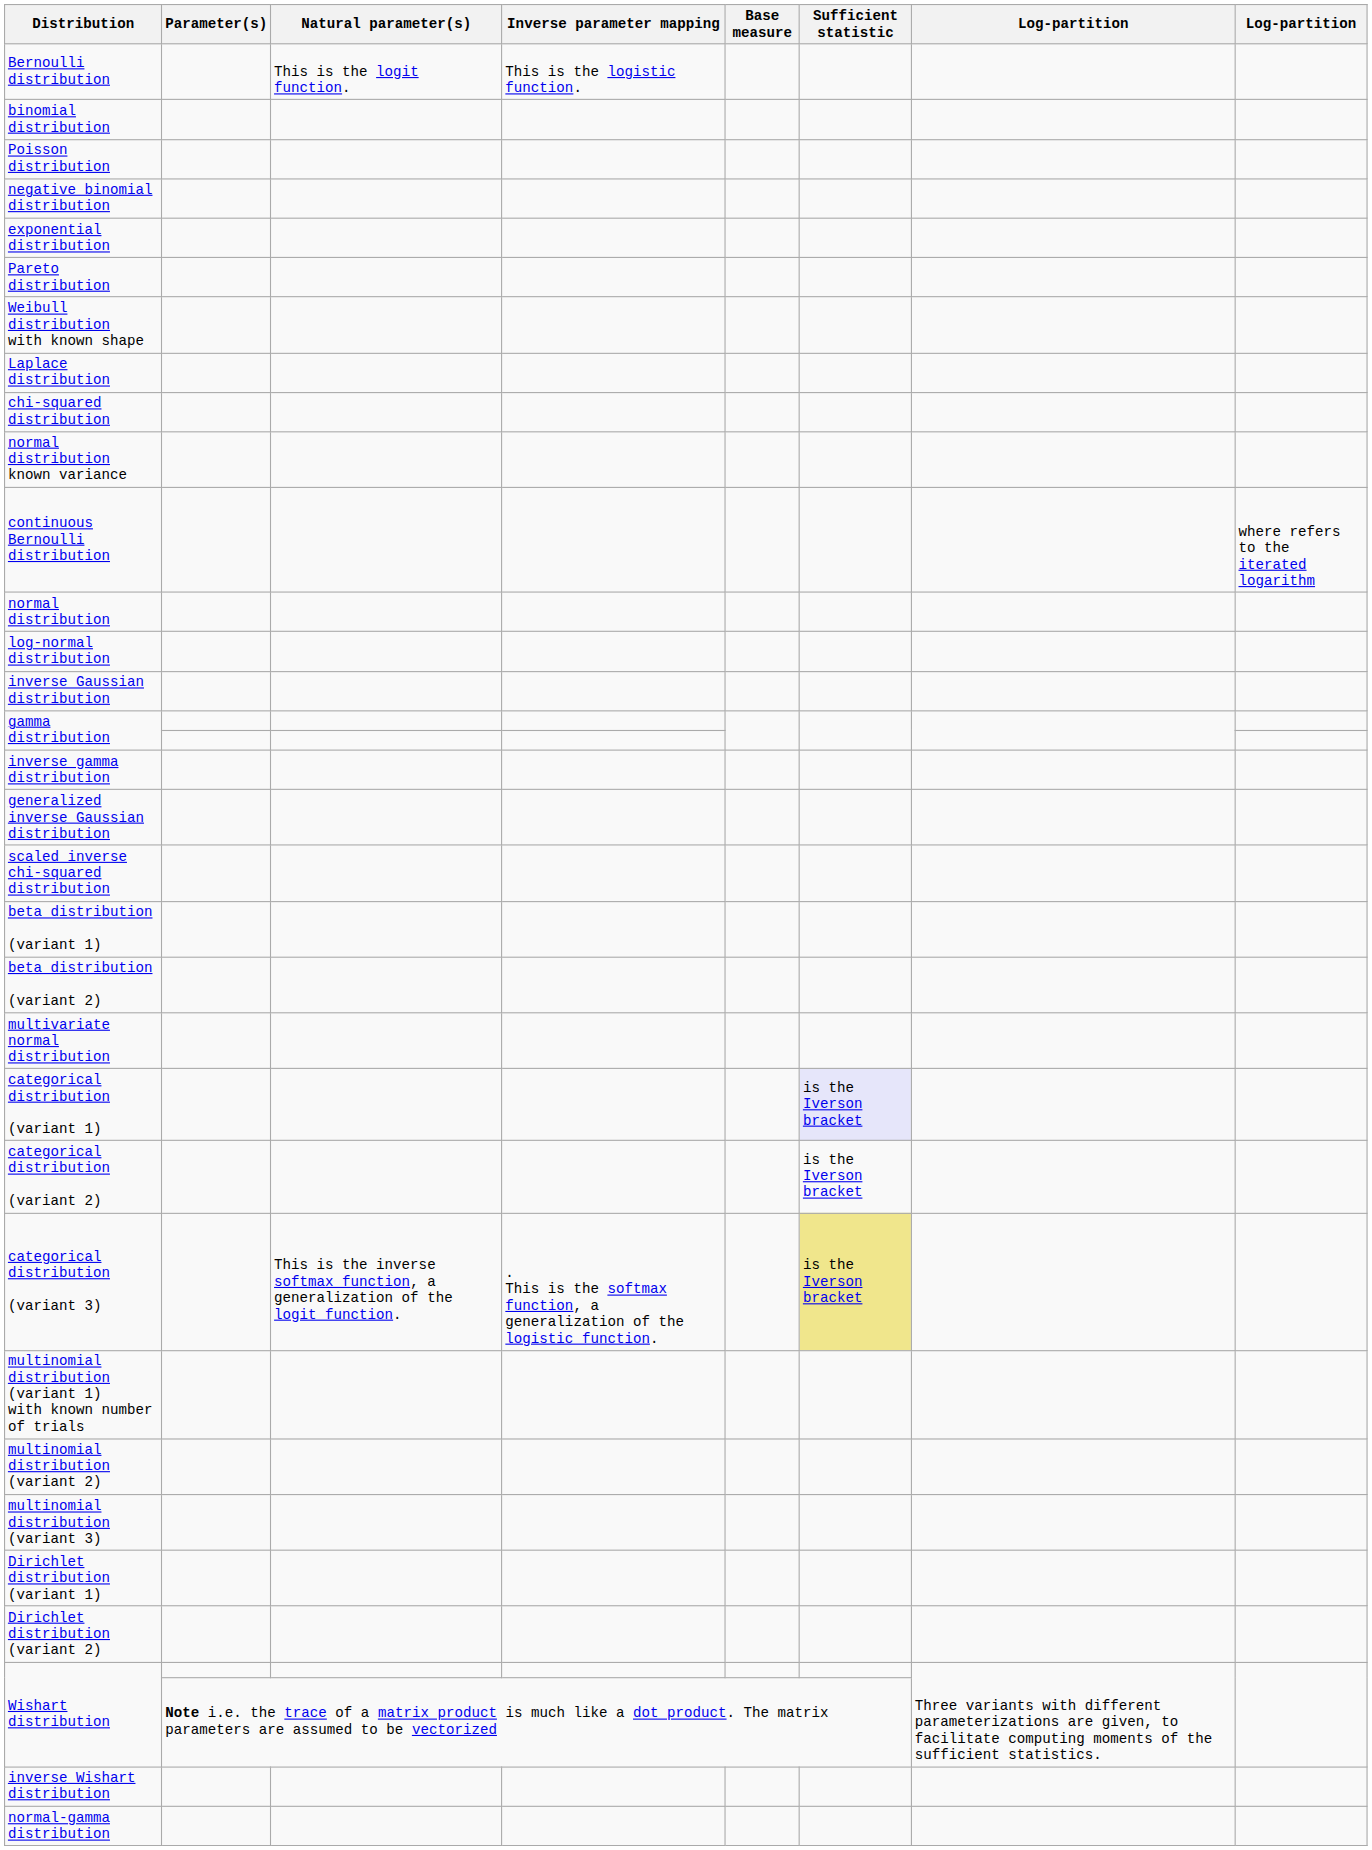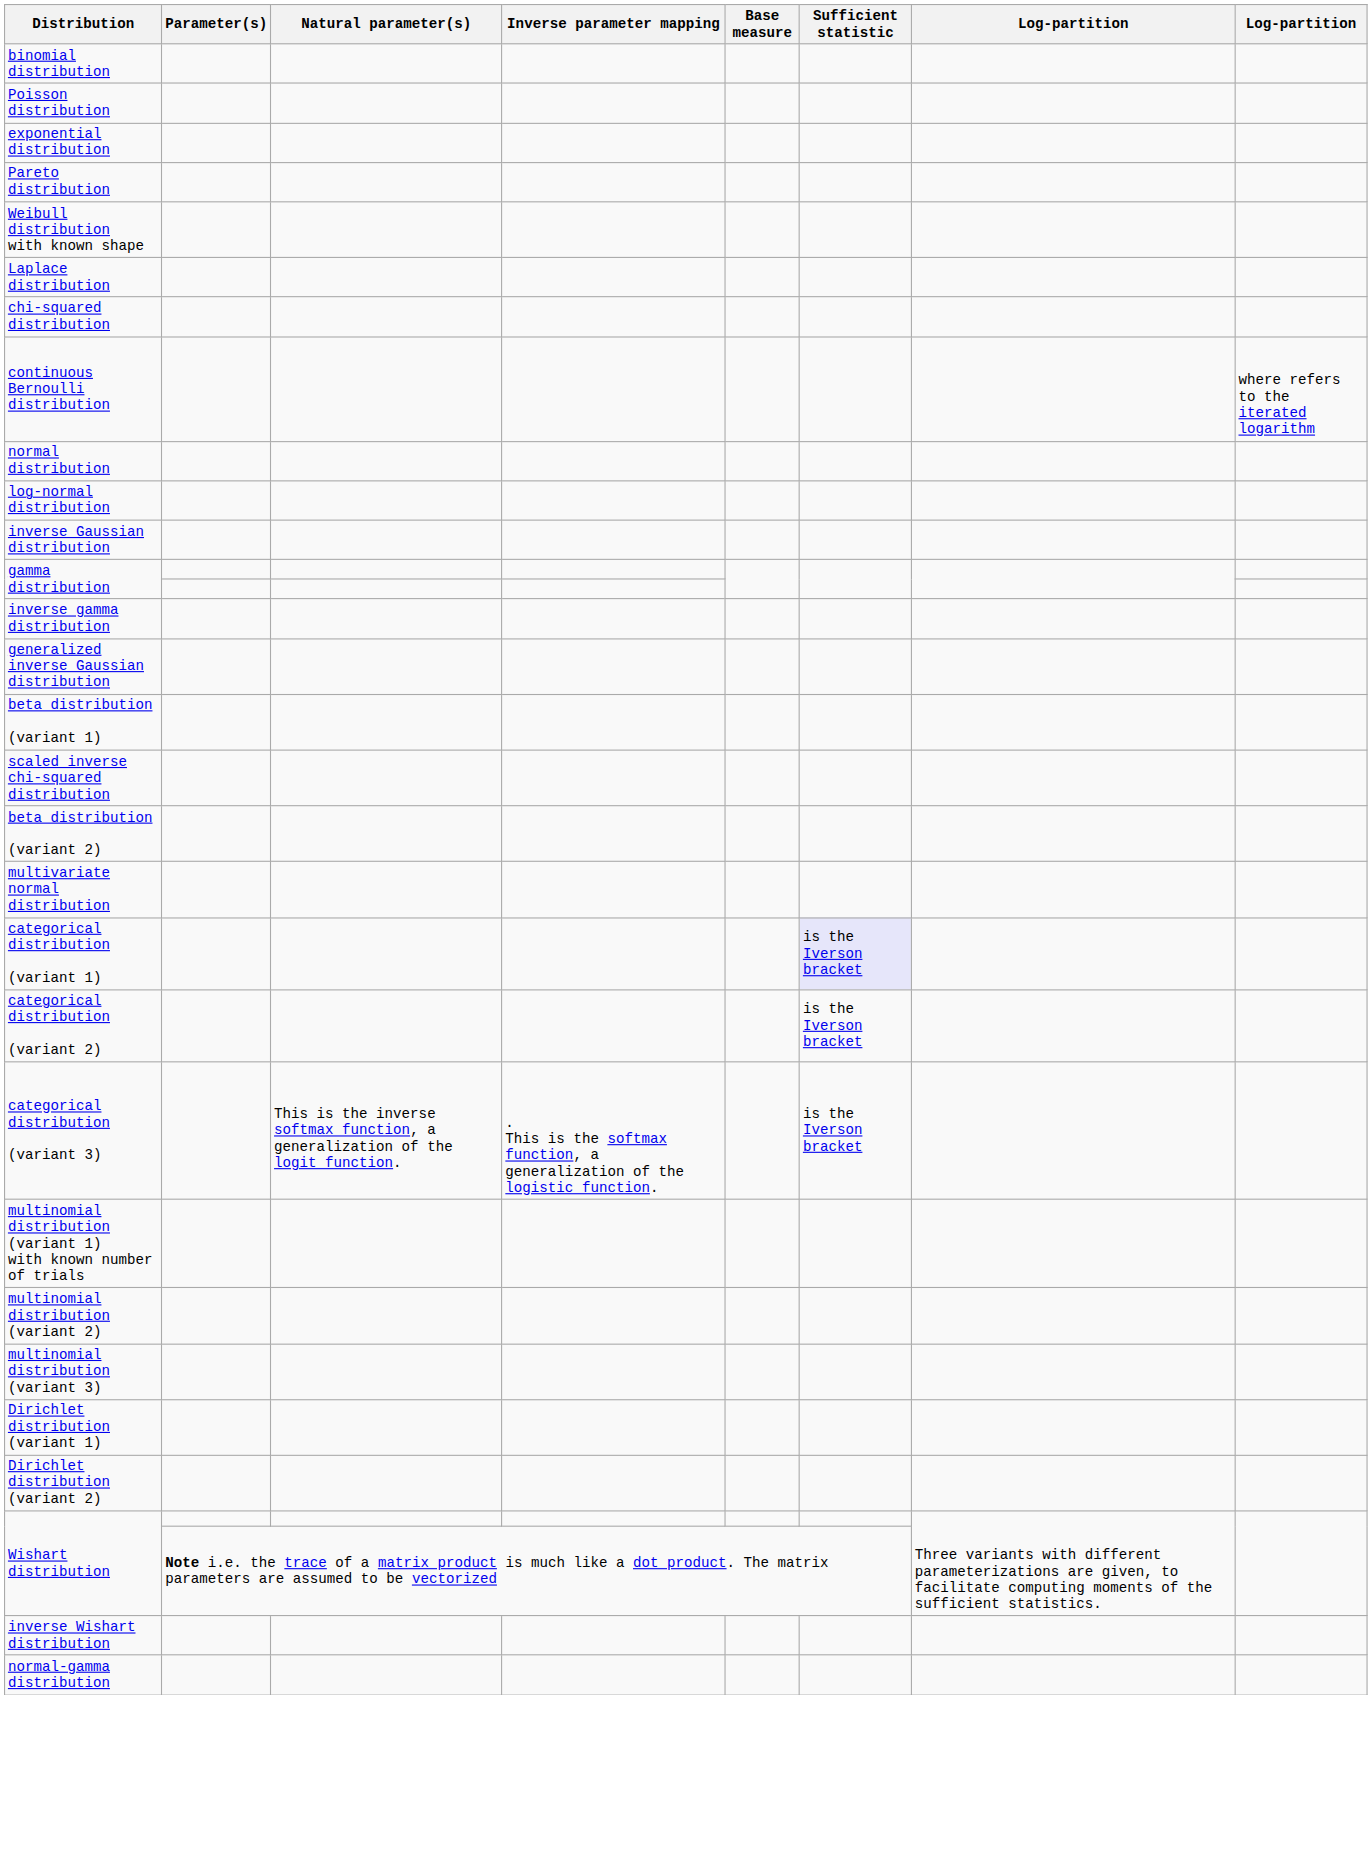 <table class="wikitable">
 <tr>
 <th>Distribution</th>
 <th>Parameter(s) </th>
 <th>Natural parameter(s) </th>
 <th>Inverse parameter mapping</th>
 <th>Base measure </th>
 <th>Sufficient statistic </th>
 <th>Log-partition </th>
 <th>Log-partition </th>
-</tr>
-<tr>
-<td><a href='#'>Bernoulli distribution</a></td>
-<td></td>
-<td> <br> This is the <a href='#'>logit function</a>.</td>
-<td> <br> This is the <a href='#'>logistic function</a>.</td>
-<td></td>
-<td></td>
-<td></td>
-<td></td>
 </tr>
 <tr>
 <td><a href='#'>binomial distribution</a><br></td>
 <td></td>
 <td></td>
 <td></td>
 <td></td>
 <td></td>
 <td></td>
 <td></td>
 </tr>
 <tr>
 <td><a href='#'>Poisson distribution</a></td>
-<td></td>
-<td></td>
-<td></td>
-<td></td>
-<td></td>
-<td></td>
-<td></td>
-</tr>
-<tr>
-<td><a href='#'>negative binomial distribution</a><br></td>
 <td></td>
 <td></td>
 <td></td>
 <td></td>
 <td></td>
 <td></td>
 <td></td>
 </tr>
 <tr>
 <td><a href='#'>exponential distribution</a></td>
 <td></td>
 <td></td>
 <td></td>
 <td></td>
 <td></td>
 <td></td>
 <td></td>
 </tr>
 <tr>
 <td><a href='#'>Pareto distribution</a><br></td>
 <td></td>
 <td></td>
 <td></td>
 <td></td>
 <td></td>
 <td></td>
 <td></td>
 </tr>
 <tr>
 <td><a href='#'>Weibull distribution</a><br>with known shape </td>
 <td></td>
 <td></td>
 <td></td>
 <td></td>
 <td></td>
 <td></td>
 <td></td>
 </tr>
 <tr>
 <td><a href='#'>Laplace distribution</a><br></td>
 <td></td>
 <td></td>
 <td></td>
 <td></td>
 <td></td>
 <td></td>
 <td></td>
 </tr>
 <tr>
 <td><a href='#'>chi-squared distribution</a></td>
-<td></td>
-<td></td>
-<td></td>
-<td></td>
-<td></td>
-<td></td>
-<td></td>
-</tr>
-<tr>
-<td><a href='#'>normal distribution</a><br>known variance</td>
 <td></td>
 <td></td>
 <td></td>
 <td></td>
 <td></td>
 <td></td>
 <td></td>
 </tr>
 <tr>
 <td><a href='#'>continuous Bernoulli distribution</a></td>
 <td></td>
 <td></td>
 <td></td>
 <td></td>
 <td></td>
 <td></td>
 <td><br><br> where  refers to the <a href='#'>iterated logarithm</a></td>
 </tr>
 <tr>
 <td><a href='#'>normal distribution</a></td>
 <td></td>
 <td></td>
 <td></td>
 <td></td>
 <td></td>
 <td></td>
 <td></td>
 </tr>
 <tr>
 <td><a href='#'>log-normal distribution</a></td>
 <td></td>
 <td></td>
 <td></td>
 <td></td>
 <td></td>
 <td></td>
 <td></td>
 </tr>
 <tr>
 <td><a href='#'>inverse Gaussian distribution</a></td>
 <td></td>
 <td></td>
 <td></td>
 <td></td>
 <td></td>
 <td></td>
 <td></td>
 </tr>
 <tr>
 <td rowspan=2><a href='#'>gamma distribution</a></td>
 <td></td>
 <td></td>
 <td></td>
 <td rowspan=2></td>
 <td rowspan=2></td>
 <td rowspan=2></td>
 <td></td>
 </tr>
 <tr>
 <td></td>
 <td></td>
 <td></td>
 <td></td>
 </tr>
 <tr>
 <td><a href='#'>inverse gamma distribution</a></td>
 <td></td>
 <td></td>
 <td></td>
 <td></td>
 <td></td>
 <td></td>
 <td></td>
 </tr>
 <tr>
 <td><a href='#'>generalized inverse Gaussian distribution</a></td>
 <td></td>
 <td></td>
 <td></td>
 <td></td>
 <td></td>
 <td></td>
 <td></td>
 </tr>
 <tr>
-<td><a href='#'>scaled inverse chi-squared distribution</a></td>
+<td><a href='#'>beta distribution</a><br><br>(variant 1)</td>
 <td></td>
 <td></td>
 <td></td>
 <td></td>
 <td></td>
 <td></td>
 <td></td>
 </tr>
 <tr>
-<td><a href='#'>beta distribution</a><br><br>(variant 1)</td>
+<td><a href='#'>scaled inverse chi-squared distribution</a></td>
 <td></td>
 <td></td>
 <td></td>
 <td></td>
 <td></td>
 <td></td>
 <td></td>
 </tr>
 <tr>
 <td><a href='#'>beta distribution</a><br><br>(variant 2)</td>
 <td></td>
 <td></td>
 <td></td>
 <td></td>
 <td></td>
 <td></td>
 <td></td>
 </tr>
 <tr>
 <td><a href='#'>multivariate normal distribution</a></td>
 <td></td>
 <td></td>
 <td></td>
 <td></td>
 <td></td>
 <td></td>
 <td></td>
 </tr>
 <tr>
 <td><a href='#'>categorical distribution</a><br><br>(variant 1)</td>
 <td><br><br></td>
 <td></td>
 <td> <br><br></td>
 <td></td>
 <td style="background: lavender;"> is the <a href='#'>Iverson bracket</a></td>
 <td></td>
 <td></td>
 </tr>
 <tr>
 <td><a href='#'>categorical distribution</a><br><br>(variant 2)</td>
 <td><br><br></td>
 <td></td>
 <td></td>
 <td></td>
 <td> is the <a href='#'>Iverson bracket</a></td>
 <td></td>
 <td></td>
 </tr>
 <tr>
 <td><a href='#'>categorical distribution</a><br><br>(variant 3)</td>
 <td><br><br></td>
 <td><br>This is the inverse <a href='#'>softmax function</a>, a generalization of the <a href='#'>logit function</a>.</td>
 <td><br><br> <br>.<br>This is the <a href='#'>softmax function</a>, a generalization of the <a href='#'>logistic function</a>.</td>
 <td></td>
-<td style="background: khaki;"> is the <a href='#'>Iverson bracket</a></td>
+<td> is the <a href='#'>Iverson bracket</a></td>
 <td></td>
 <td></td>
 </tr>
 <tr>
 <td><a href='#'>multinomial distribution</a><br>(variant 1)<br>with known number of trials </td>
 <td><br><br></td>
 <td></td>
 <td><br><br></td>
 <td></td>
 <td></td>
 <td></td>
 <td></td>
 </tr>
 <tr>
 <td><a href='#'>multinomial distribution</a><br>(variant 2)<br></td>
 <td><br><br></td>
 <td></td>
 <td><br><br></td>
 <td></td>
 <td></td>
 <td></td>
 <td></td>
 </tr>
 <tr>
 <td><a href='#'>multinomial distribution</a><br>(variant 3)<br></td>
 <td><br><br></td>
 <td></td>
 <td><br><br><br></td>
 <td></td>
 <td></td>
 <td></td>
 <td></td>
 </tr>
 <tr>
 <td><a href='#'>Dirichlet distribution</a><br>(variant 1)</td>
 <td></td>
 <td></td>
 <td></td>
 <td></td>
 <td></td>
 <td></td>
 <td></td>
 </tr>
 <tr>
 <td><a href='#'>Dirichlet distribution</a><br>(variant 2)</td>
 <td></td>
 <td></td>
 <td></td>
 <td></td>
 <td></td>
 <td></td>
 <td></td>
 </tr>
 <tr>
 <td rowspan=2><a href='#'>Wishart distribution</a></td>
 <td></td>
 <td></td>
 <td></td>
 <td></td>
 <td></td>
 <td rowspan=2><br><br> Three variants with different parameterizations are given, to facilitate computing moments of the sufficient statistics.</td>
 <td rowspan=2></td>
 </tr>
 <tr>
 <td colspan=5><strong>Note</strong> i.e. the <a href='#'>trace</a> of a <a href='#'>matrix product</a> is much like a <a href='#'>dot product</a>. The matrix parameters are assumed to be <a href='#'>vectorized</a></td>
 </tr>
 <tr>
 <td><a href='#'>inverse Wishart distribution</a></td>
 <td></td>
 <td></td>
 <td></td>
 <td></td>
 <td></td>
 <td></td>
 <td></td>
 </tr>
 <tr>
 <td><a href='#'>normal-gamma distribution</a></td>
 <td></td>
 <td></td>
 <td></td>
 <td></td>
 <td></td>
 <td></td>
 <td></td>
 </tr>
 </table>
